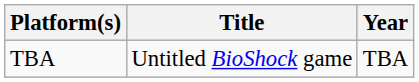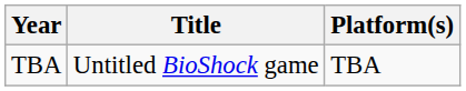 <table class="wikitable">
 <tr>
+<th>Year</th>
+<th>Title</th>
 <th>Platform(s)</th>
-<th>Title</th>
-<th>Year</th>
 </tr>
 <tr>
 <td>TBA</td>
 <td>Untitled <em><a href='#'>BioShock</a></em> game</td>
 <td>TBA</td>
 </tr>
 </table>
